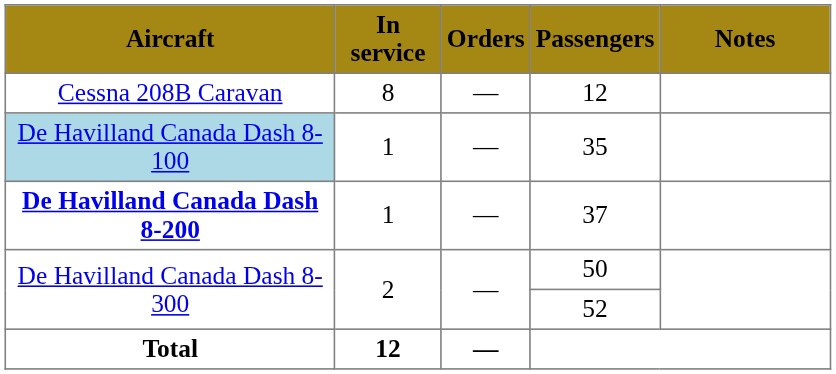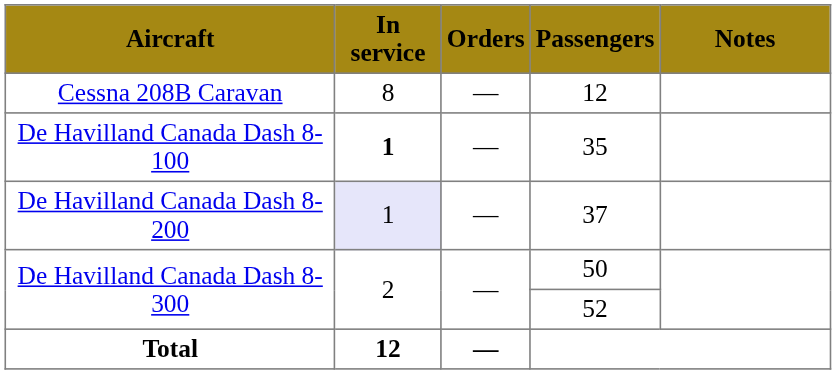 <table class="toccolours" border="1" cellpadding="3" style="margin:1em auto; border-collapse:collapse;text-align:center">
 <tr style="background:#A58813;">
 <th style="width:200px;"><span>Aircraft</span></th>
 <th style="width:60px;"><span>In service</span></th>
 <th style="width:40px;"><span>Orders</span></th>
 <th class="unsortable"><span>Passengers</span></th>
 <th style="width:100px;"><span>Notes</span></th>
 </tr>
 <tr>
 <td><a href='#'>Cessna 208B Caravan</a></td>
 <td>8</td>
 <td>—</td>
 <td>12</td>
 <td></td>
 </tr>
 <tr>
-<td style="background: lightblue;"><a href='#'>De Havilland Canada Dash 8-100</a></td>
-<td>1</td>
+<td><a href='#'>De Havilland Canada Dash 8-100</a></td>
+<td><strong>1</strong></td>
 <td>—</td>
 <td>35</td>
 <td></td>
 </tr>
 <tr>
-<td><strong><a href='#'>De Havilland Canada Dash 8-200</a></strong></td>
-<td>1</td>
+<td><a href='#'>De Havilland Canada Dash 8-200</a></td>
+<td style="background: lavender;">1</td>
 <td>—</td>
 <td>37</td>
 <td></td>
 </tr>
 <tr>
 <td rowspan=2><a href='#'>De Havilland Canada Dash 8-300</a></td>
 <td rowspan=2>2</td>
 <td rowspan=2>—</td>
 <td>50</td>
 <td rowspan=2></td>
 </tr>
 <tr>
 <td>52</td>
 </tr>
 <tr>
 <th>Total</th>
 <th>12</th>
 <th>—</th>
 <th colspan="2" class="unsortable"></th>
 </tr>
 </table>
